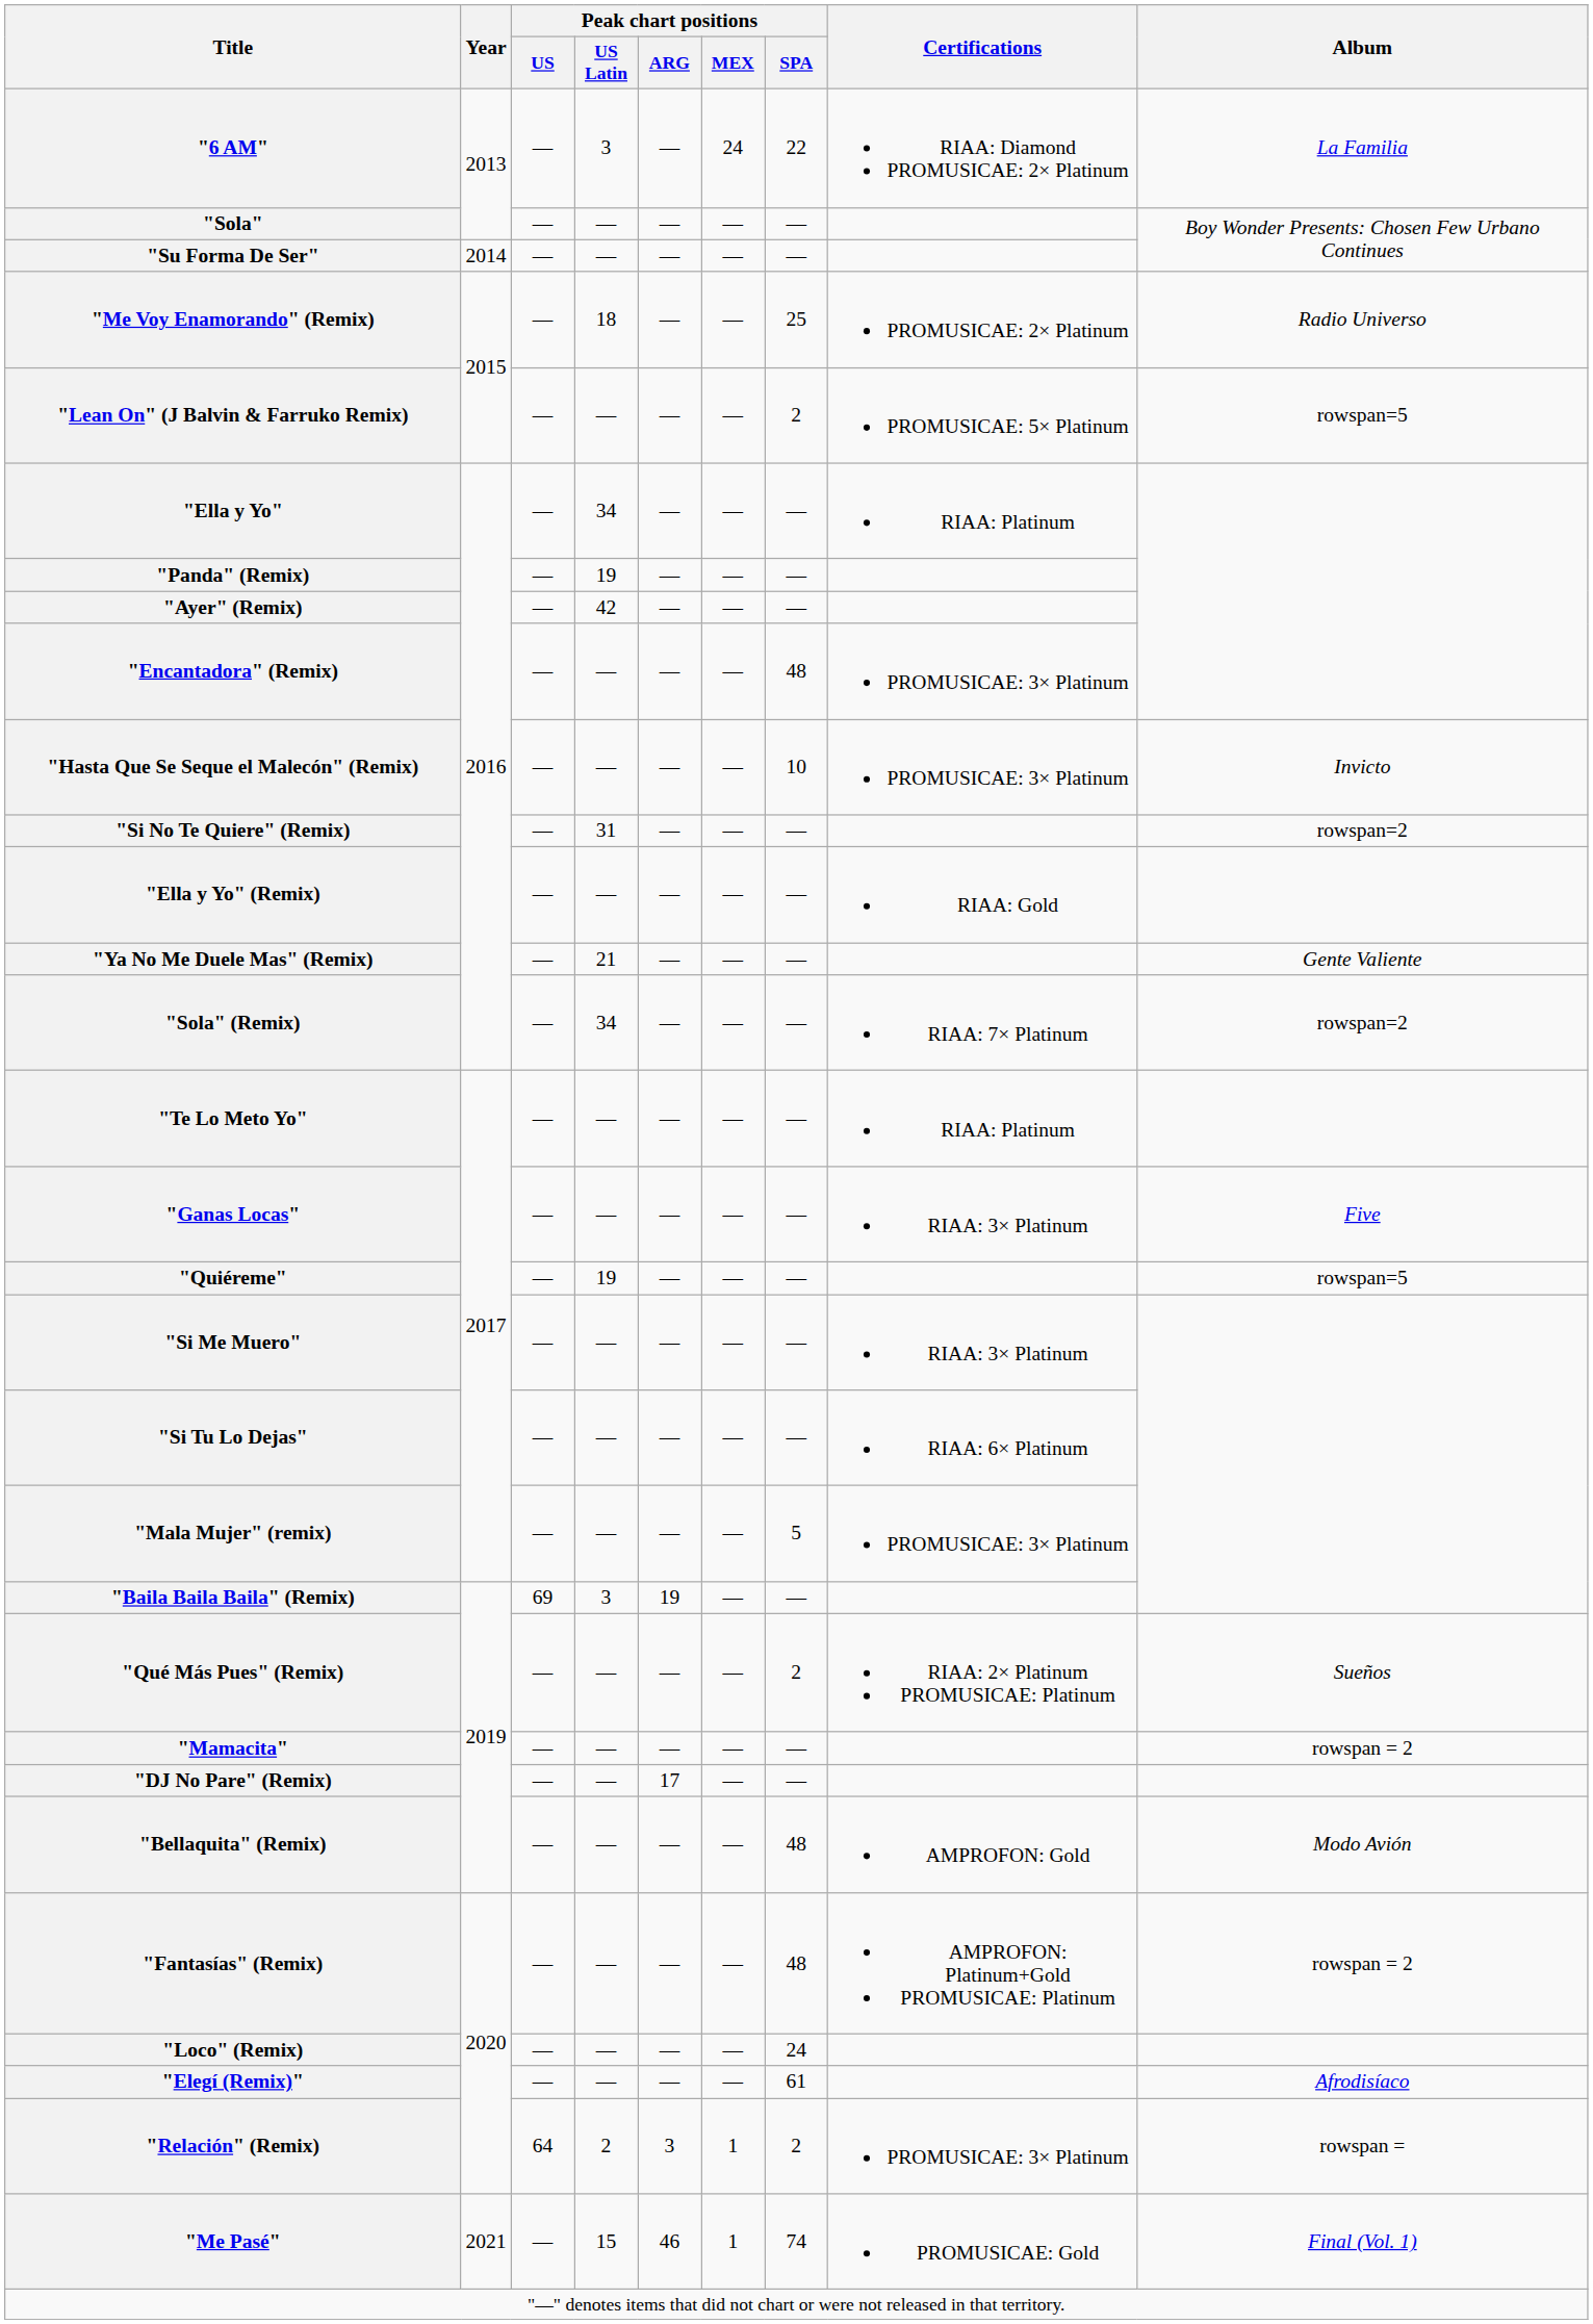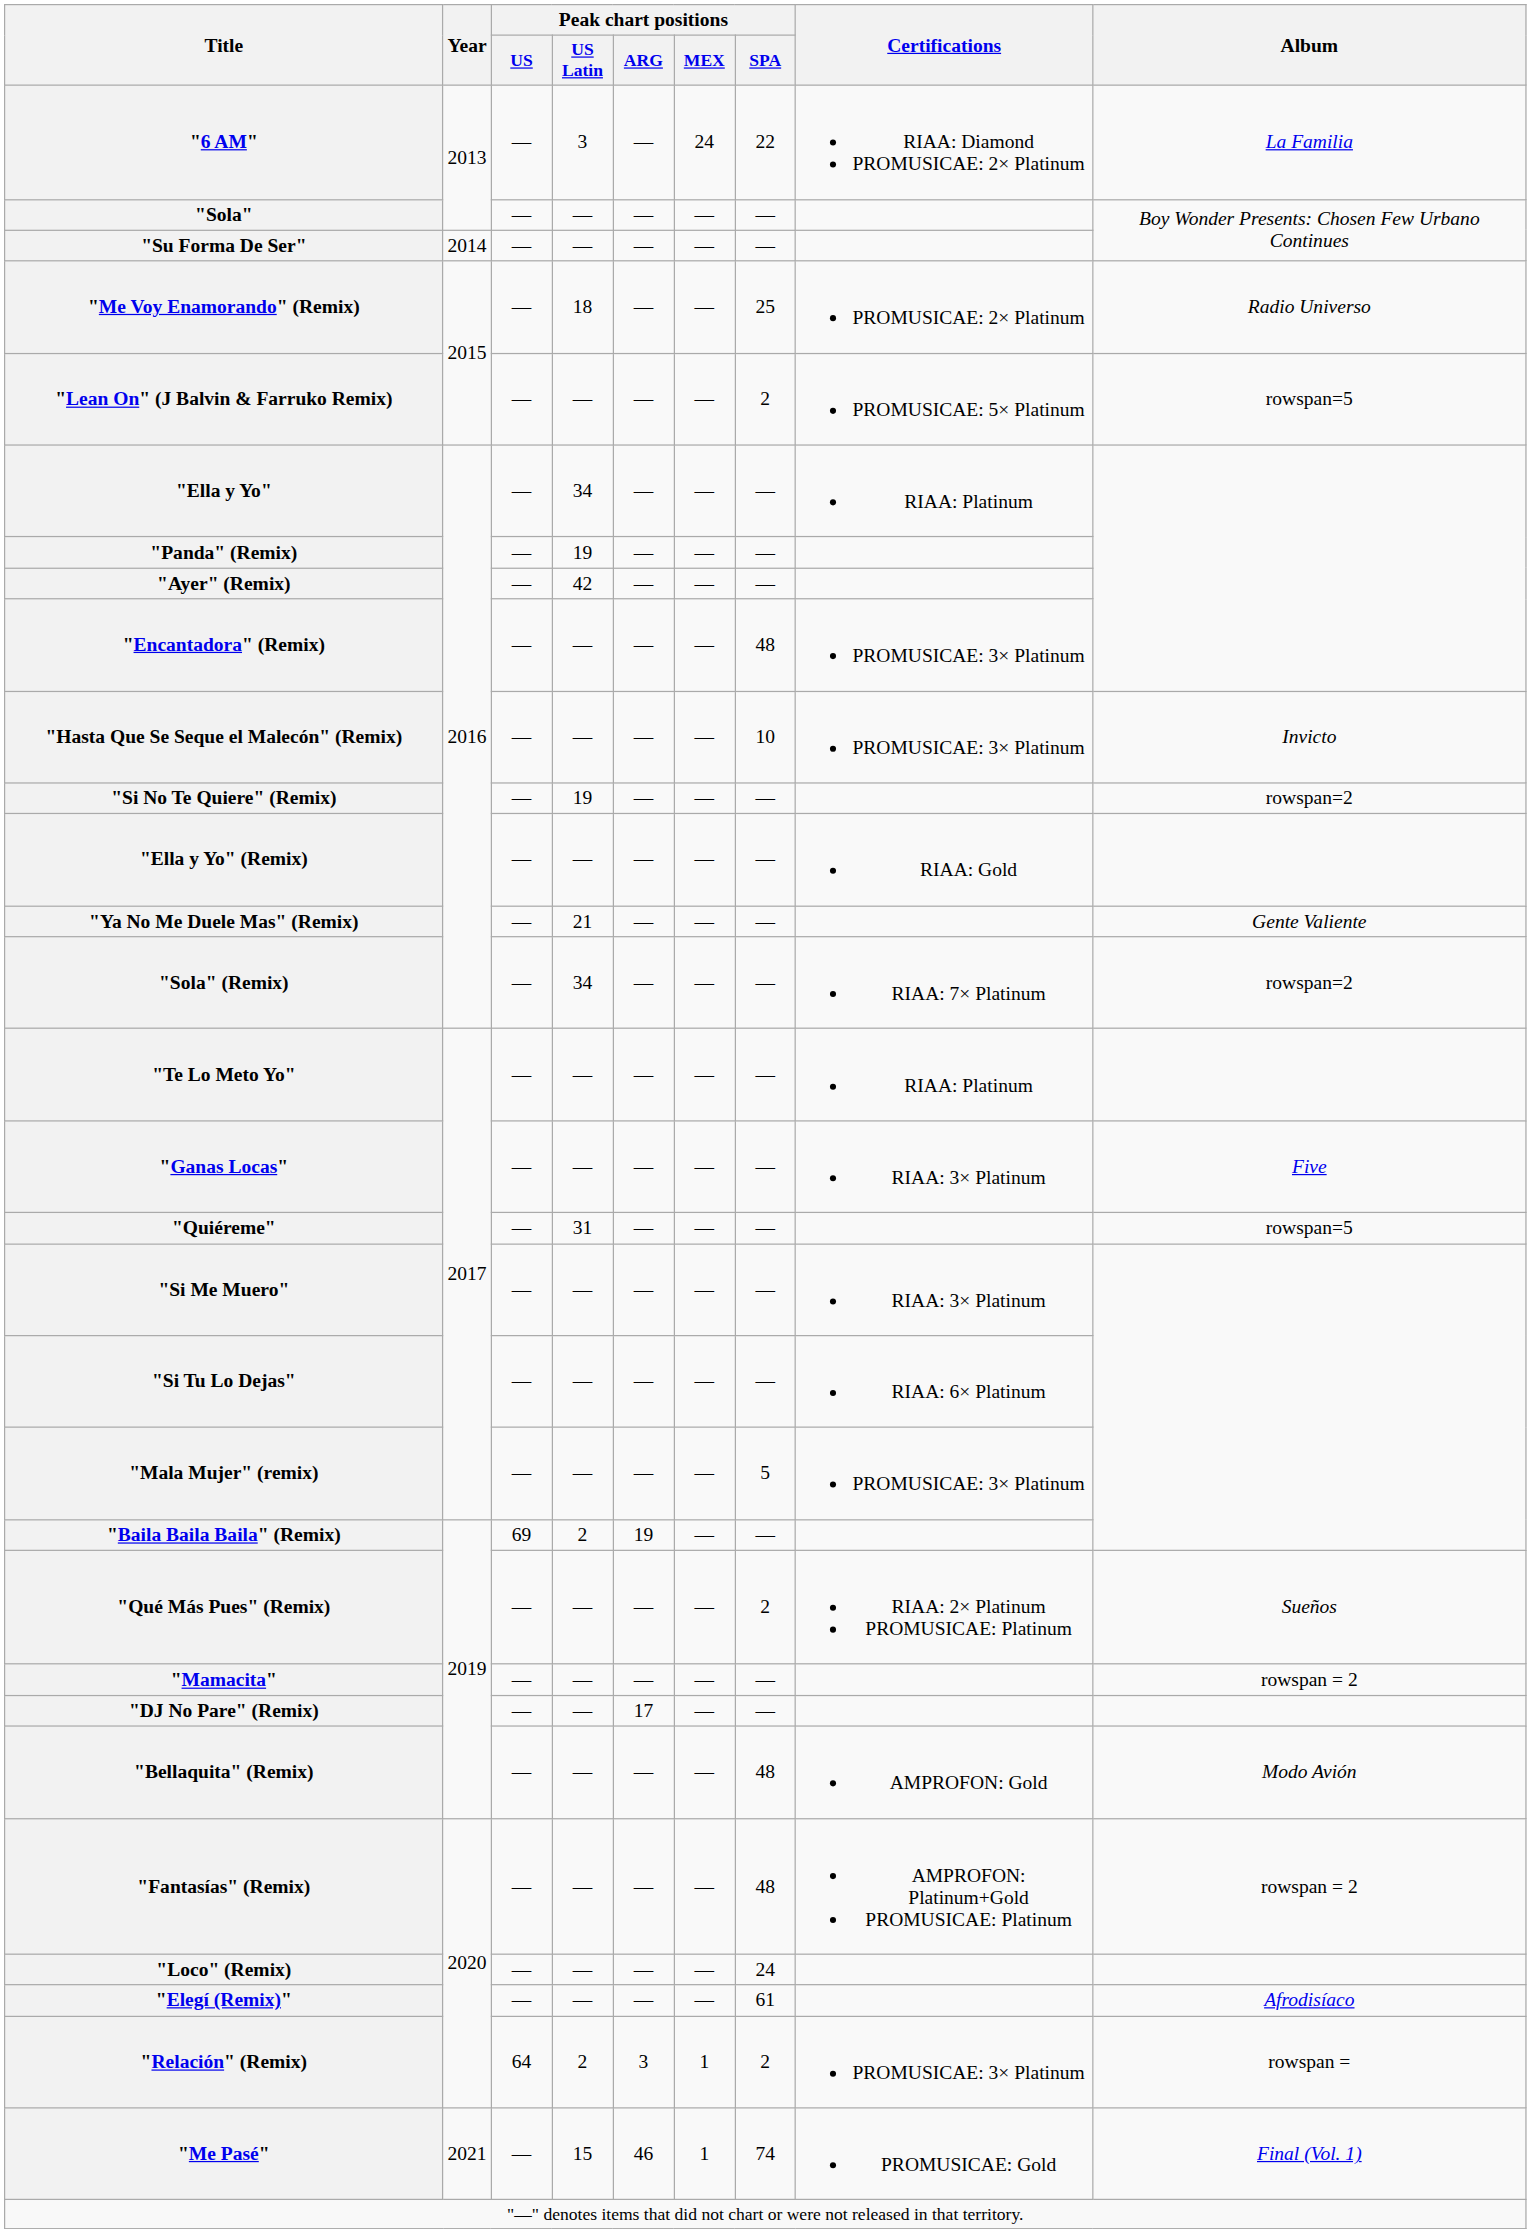 <table class="wikitable plainrowheaders" style="text-align:center;" border="1">
 <tr>
 <th scope="col" rowspan=2 style="width:22em;">Title</th>
 <th scope="col" rowspan=2>Year</th>
 <th scope="col" colspan=5>Peak chart positions</th>
 <th scope="col" rowspan=2><a href='#'>Certifications</a></th>
 <th scope="col" rowspan=2>Album</th>
 </tr>
 <tr>
 <th scope="col" style="width:3em;font-size:90%;"><a href='#'>US</a><br></th>
 <th scope="col" style="width:3em;font-size:90%;"><a href='#'>US <br> Latin</a><br></th>
 <th scope="col" style="width:3em;font-size:90%;"><a href='#'>ARG</a><br></th>
 <th scope="col" style="width:3em;font-size:90%;"><a href='#'>MEX</a><br></th>
 <th scope="col" style="width:3em;font-size:90%;"><a href='#'>SPA</a><br></th>
 </tr>
 <tr>
 <th scope="row">"<a href='#'>6 AM</a>"<br></th>
 <td rowspan=2>2013</td>
 <td>—</td>
 <td>3</td>
 <td>—</td>
 <td>24</td>
 <td>22</td>
 <td><br><ul><li>RIAA: Diamond </li><li>PROMUSICAE: 2× Platinum</li></ul></td>
 <td><em><a href='#'>La Familia</a></em></td>
 </tr>
 <tr>
 <th scope="row">"Sola"<br></th>
 <td>—</td>
 <td>—</td>
 <td>—</td>
 <td>—</td>
 <td>—</td>
 <td></td>
 <td rowspan=2><em>Boy Wonder Presents: Chosen Few Urbano Continues</em></td>
 </tr>
 <tr>
 <th scope="row">"Su Forma De Ser"<br></th>
 <td>2014</td>
 <td>—</td>
 <td>—</td>
 <td>—</td>
 <td>—</td>
 <td>—</td>
 <td></td>
 </tr>
 <tr>
 <th scope="row">"<a href='#'>Me Voy Enamorando</a>" (Remix)<br></th>
 <td rowspan = 2>2015</td>
 <td>—</td>
 <td>18</td>
 <td>—</td>
 <td>—</td>
 <td>25</td>
 <td><br><ul><li>PROMUSICAE: 2× Platinum</li></ul></td>
 <td><em>Radio Universo</em></td>
 </tr>
 <tr>
 <th scope="row">"<a href='#'>Lean On</a>" (J Balvin & Farruko Remix)<br></th>
 <td>—</td>
 <td>—</td>
 <td>—</td>
 <td>—</td>
 <td>2</td>
 <td><br><ul><li>PROMUSICAE: 5× Platinum</li></ul></td>
 <td>rowspan=5 </td>
 </tr>
 <tr>
 <th scope="row">"Ella y Yo"<br></th>
 <td rowspan = 9>2016</td>
 <td>—</td>
 <td>34</td>
 <td>—</td>
 <td>—</td>
 <td>—</td>
 <td><br><ul><li>RIAA: Platinum </li></ul></td>
 </tr>
 <tr>
 <th scope="row">"Panda" (Remix)<br></th>
 <td>—</td>
 <td>19</td>
 <td>—</td>
 <td>—</td>
 <td>—</td>
 <td></td>
 </tr>
 <tr>
 <th scope="row">"Ayer" (Remix)<br></th>
 <td>—</td>
 <td>42</td>
 <td>—</td>
 <td>—</td>
 <td>—</td>
 <td></td>
 </tr>
 <tr>
 <th scope="row">"<a href='#'>Encantadora</a>" (Remix)<br></th>
 <td>—</td>
 <td>—</td>
 <td>—</td>
 <td>—</td>
 <td>48</td>
 <td><br><ul><li>PROMUSICAE: 3× Platinum</li></ul></td>
 </tr>
 <tr>
 <th scope="row">"Hasta Que Se Seque el Malecón" (Remix)<br></th>
 <td>—</td>
 <td>—</td>
 <td>—</td>
 <td>—</td>
 <td>10</td>
 <td><br><ul><li>PROMUSICAE: 3× Platinum</li></ul></td>
 <td><em>Invicto</em></td>
 </tr>
 <tr>
 <th scope="row">"Si No Te Quiere" (Remix)<br></th>
 <td>—</td>
-<td>31</td>
+<td>19</td>
 <td>—</td>
 <td>—</td>
 <td>—</td>
 <td></td>
 <td>rowspan=2 </td>
 </tr>
 <tr>
 <th scope="row">"Ella y Yo" (Remix)<br></th>
 <td>—</td>
 <td>—</td>
 <td>—</td>
 <td>—</td>
 <td>—</td>
 <td><br><ul><li>RIAA: Gold </li></ul></td>
 </tr>
 <tr>
 <th scope="row">"Ya No Me Duele Mas" (Remix)<br></th>
 <td>—</td>
 <td>21</td>
 <td>—</td>
 <td>—</td>
 <td>—</td>
 <td></td>
 <td><em>Gente Valiente</em></td>
 </tr>
 <tr>
 <th scope="row">"Sola" (Remix)<br></th>
 <td>—</td>
 <td>34</td>
 <td>—</td>
 <td>—</td>
 <td>—</td>
 <td><br><ul><li>RIAA: 7× Platinum </li></ul></td>
 <td>rowspan=2 </td>
 </tr>
 <tr>
 <th scope="row">"Te Lo Meto Yo"<br></th>
 <td rowspan=6>2017</td>
 <td>—</td>
 <td>—</td>
 <td>—</td>
 <td>—</td>
 <td>—</td>
 <td><br><ul><li>RIAA: Platinum </li></ul></td>
 </tr>
 <tr>
 <th scope="row">"<a href='#'>Ganas Locas</a>"<br></th>
 <td>—</td>
 <td>—</td>
 <td>—</td>
 <td>—</td>
 <td>—</td>
 <td><br><ul><li>RIAA: 3× Platinum </li></ul></td>
 <td><em><a href='#'>Five</a></em></td>
 </tr>
 <tr>
 <th scope="row">"Quiéreme"<br></th>
 <td>—</td>
-<td>19</td>
+<td>31</td>
 <td>—</td>
 <td>—</td>
 <td>—</td>
 <td></td>
 <td>rowspan=5 </td>
 </tr>
 <tr>
 <th scope="row">"Si Me Muero"<br></th>
 <td>—</td>
 <td>—</td>
 <td>—</td>
 <td>—</td>
 <td>—</td>
 <td><br><ul><li>RIAA: 3× Platinum </li></ul></td>
 </tr>
 <tr>
 <th scope="row">"Si Tu Lo Dejas"<br></th>
 <td>—</td>
 <td>—</td>
 <td>—</td>
 <td>—</td>
 <td>—</td>
 <td><br><ul><li>RIAA: 6× Platinum </li></ul></td>
 </tr>
 <tr>
 <th scope="row">"Mala Mujer" (remix)<br></th>
 <td>—</td>
 <td>—</td>
 <td>—</td>
 <td>—</td>
 <td>5</td>
 <td><br><ul><li>PROMUSICAE: 3× Platinum</li></ul></td>
 </tr>
 <tr>
 <th scope="row">"<a href='#'>Baila Baila Baila</a>" (Remix)<br></th>
 <td rowspan=5>2019</td>
 <td>69</td>
-<td>3</td>
+<td>2</td>
 <td>19</td>
 <td>—</td>
 <td>—</td>
 <td></td>
 </tr>
 <tr>
 <th scope="row">"Qué Más Pues" (Remix)<br></th>
 <td>—</td>
 <td>—</td>
 <td>—</td>
 <td>—</td>
 <td>2</td>
 <td><br><ul><li>RIAA: 2× Platinum </li><li>PROMUSICAE: Platinum</li></ul></td>
 <td><em>Sueños</em></td>
 </tr>
 <tr>
 <th scope="row">"<a href='#'>Mamacita</a>"<br></th>
 <td>—</td>
 <td>—</td>
 <td>—</td>
 <td>—</td>
 <td>—</td>
 <td></td>
 <td>rowspan = 2 </td>
 </tr>
 <tr>
 <th scope="row">"DJ No Pare" (Remix)<br></th>
 <td>—</td>
 <td>—</td>
 <td>17</td>
 <td>—</td>
 <td>—</td>
 <td></td>
 </tr>
 <tr>
 <th scope="row">"Bellaquita" (Remix)<br></th>
 <td>—</td>
 <td>—</td>
 <td>—</td>
 <td>—</td>
 <td>48</td>
 <td><br><ul><li>AMPROFON: Gold</li></ul></td>
 <td><em>Modo Avión</em></td>
 </tr>
 <tr>
 <th scope="row">"Fantasías" (Remix)<br></th>
 <td rowspan="4">2020</td>
 <td>—</td>
 <td>—</td>
 <td>—</td>
 <td>—</td>
 <td>48</td>
 <td><br><ul><li>AMPROFON: Platinum+Gold</li><li>PROMUSICAE: Platinum</li></ul></td>
 <td>rowspan = 2 </td>
 </tr>
 <tr>
 <th scope="row">"Loco" (Remix)<br></th>
 <td>—</td>
 <td>—</td>
 <td>—</td>
 <td>—</td>
 <td>24</td>
 <td></td>
 </tr>
 <tr>
 <th scope="row">"<a href='#'>Elegí (Remix)</a>"<br></th>
 <td>—</td>
 <td>—</td>
 <td>—</td>
 <td>—</td>
 <td>61</td>
 <td></td>
 <td><em><a href='#'>Afrodisíaco</a></em></td>
 </tr>
 <tr>
 <th scope="row">"<a href='#'>Relación</a>" (Remix)<br></th>
 <td>64</td>
 <td>2</td>
 <td>3</td>
 <td>1</td>
 <td>2</td>
 <td><br><ul><li>PROMUSICAE: 3× Platinum</li></ul></td>
 <td>rowspan = </td>
 </tr>
 <tr>
 <th scope="row">"<a href='#'>Me Pasé</a>"<br></th>
 <td>2021</td>
 <td>—</td>
 <td>15</td>
 <td>46</td>
 <td>1</td>
 <td>74</td>
 <td><br><ul><li>PROMUSICAE: Gold</li></ul></td>
 <td><em><a href='#'>Final (Vol. 1)</a></em></td>
 </tr>
 <tr>
 <td colspan="15" style="font-size:90%">"—" denotes items that did not chart or were not released in that territory.</td>
 </tr>
 </table>
